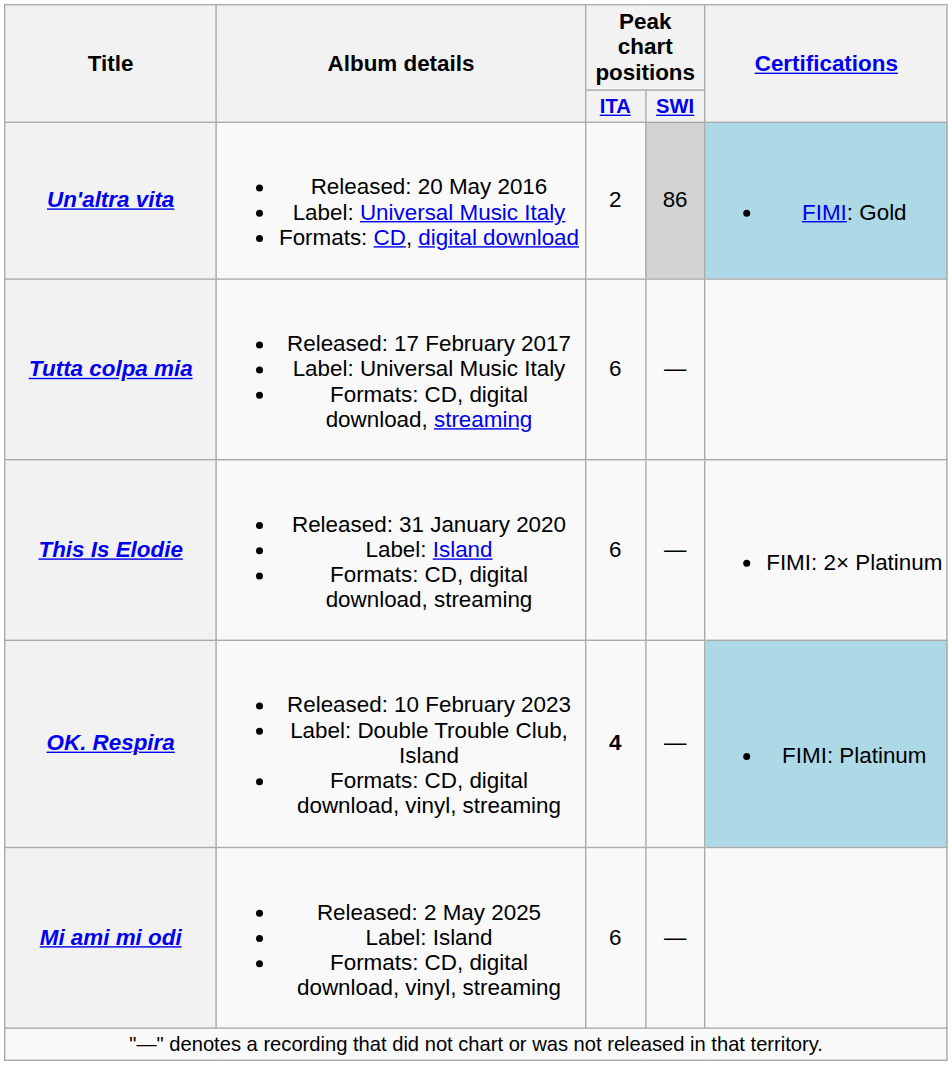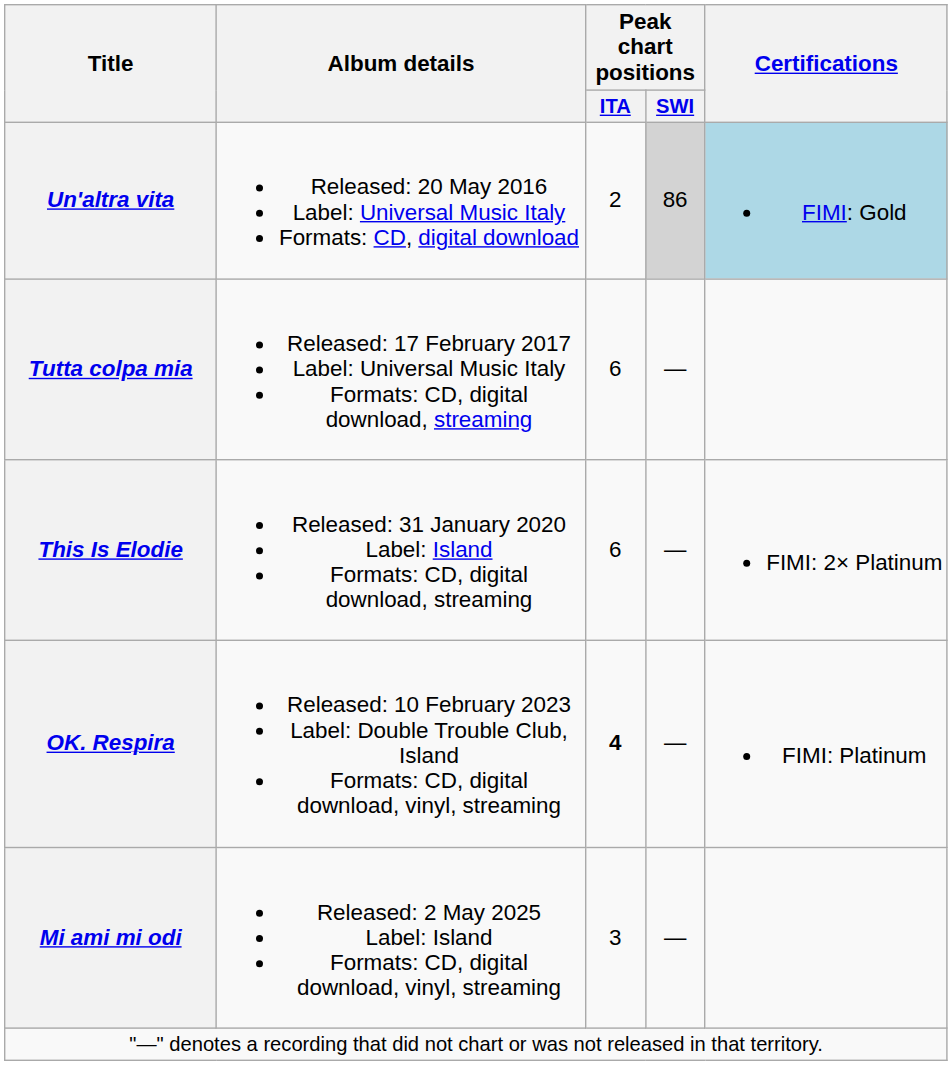 <table class="wikitable plainrowheaders" style="text-align:center;">
 <tr>
 <th scope="col" rowspan="2" style="width:9em;">Title</th>
 <th scope="col" rowspan="2" style="width:16em;">Album details</th>
 <th scope="col" colspan="2">Peak chart positions</th>
 <th scope="col" rowspan="2"><a href='#'>Certifications</a></th>
 </tr>
 <tr>
 <th scope="col" style="width:2.5em;font-size:90%;"><a href='#'>ITA</a><br></th>
 <th scope="col" style="width:2.5em;font-size:90%;"><a href='#'>SWI</a><br></th>
 </tr>
 <tr>
 <th scope="row"><em><a href='#'>Un'altra vita</a></em></th>
 <td><br><ul><li>Released: 20 May 2016</li><li>Label: <a href='#'>Universal Music Italy</a></li><li>Formats: <a href='#'>CD</a>, <a href='#'>digital download</a></li></ul></td>
 <td>2</td>
 <td style="background: lightgrey;">86</td>
 <td style="background: lightblue;"><br><ul><li><a href='#'>FIMI</a>: Gold</li></ul></td>
 </tr>
 <tr>
 <th scope="row"><em><a href='#'>Tutta colpa mia</a></em></th>
 <td><br><ul><li>Released: 17 February 2017</li><li>Label: Universal Music Italy</li><li>Formats: CD, digital download, <a href='#'>streaming</a></li></ul></td>
 <td>6</td>
 <td>—</td>
 <td></td>
 </tr>
 <tr>
 <th scope="row"><em><a href='#'>This Is Elodie</a></em></th>
 <td><br><ul><li>Released: 31 January 2020</li><li>Label: <a href='#'>Island</a></li><li>Formats: CD, digital download, streaming</li></ul></td>
 <td>6</td>
 <td>—</td>
 <td><br><ul><li>FIMI: 2× Platinum</li></ul></td>
 </tr>
 <tr>
 <th scope="row"><em><a href='#'>OK. Respira</a></em></th>
 <td><br><ul><li>Released: 10 February 2023</li><li>Label: Double Trouble Club, Island</li><li>Formats: CD, digital download, vinyl, streaming</li></ul></td>
 <td><strong>4</strong></td>
 <td>—</td>
-<td style="background: lightblue;"><br><ul><li>FIMI: Platinum</li></ul></td>
+<td><br><ul><li>FIMI: Platinum</li></ul></td>
 </tr>
 <tr>
 <th scope="row"><em><a href='#'>Mi ami mi odi</a></em></th>
 <td><br><ul><li>Released: 2 May 2025</li><li>Label: Island</li><li>Formats: CD, digital download, vinyl, streaming</li></ul></td>
-<td>6<br></td>
+<td>3<br></td>
 <td>—</td>
 <td></td>
 </tr>
 <tr>
 <td colspan="14" style="font-size:90%">"—" denotes a recording that did not chart or was not released in that territory.</td>
 </tr>
 </table>
